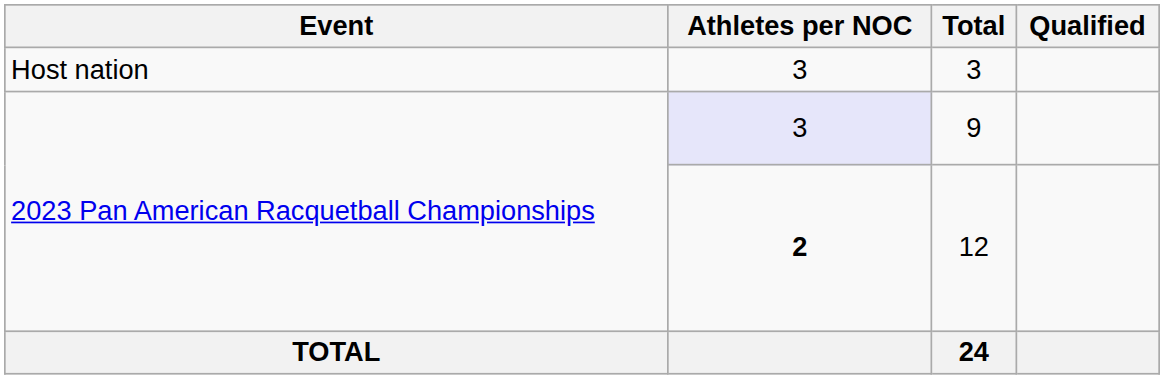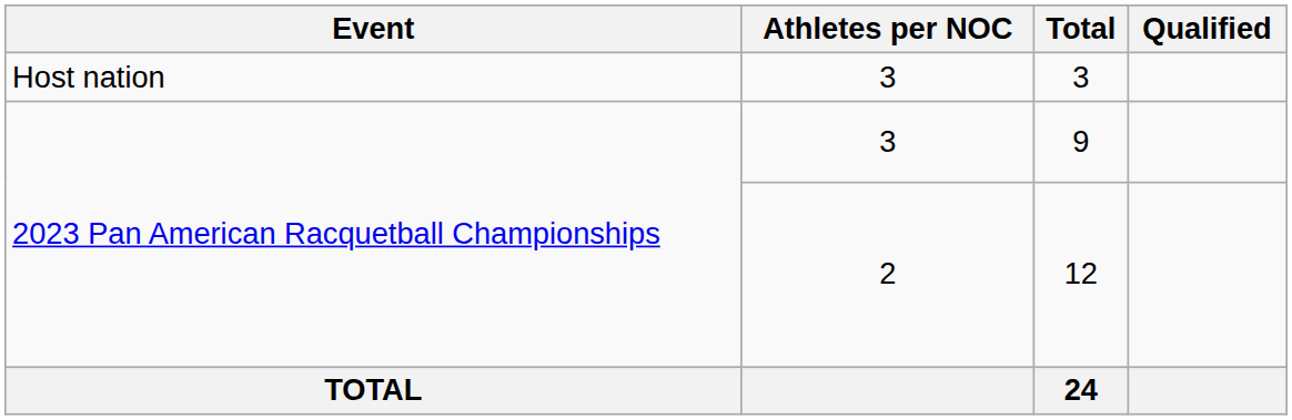 <table class="wikitable" width=680>
 <tr>
 <th>Event</th>
 <th>Athletes per NOC</th>
 <th>Total</th>
 <th>Qualified</th>
 </tr>
 <tr>
 <td>Host nation</td>
 <td align=center>3</td>
 <td align=center>3</td>
 <td></td>
 </tr>
 <tr>
 <td rowspan="2"><a href='#'>2023 Pan American Racquetball Championships</a></td>
-<td align=center style="background: lavender;">3</td>
+<td align=center>3</td>
 <td align=center>9</td>
 <td><br><br></td>
 </tr>
 <tr>
-<td align=center><strong>2</strong></td>
+<td align=center>2</td>
 <td align=center>12</td>
 <td><br><br><br><br><br></td>
 </tr>
 <tr>
 <th>TOTAL</th>
 <th></th>
 <th>24</th>
 <th></th>
 </tr>
 </table>
